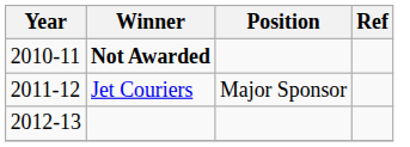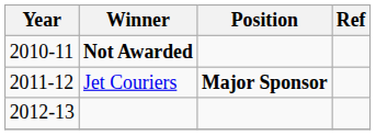 <table class="wikitable sortable">
 <tr>
 <th>Year</th>
 <th>Winner</th>
 <th>Position</th>
 <th class=unsortable>Ref</th>
 </tr>
 <tr>
 <td>2010-11</td>
 <td><strong>Not Awarded</strong></td>
 <td></td>
 <td></td>
 </tr>
 <tr>
 <td>2011-12</td>
 <td><a href='#'>Jet Couriers</a></td>
-<td>Major Sponsor</td>
+<td><strong>Major Sponsor</strong></td>
 <td></td>
 </tr>
 <tr>
 <td>2012-13</td>
 <td></td>
 <td></td>
 <td></td>
 </tr>
 <tr>
 </tr>
 </table>
